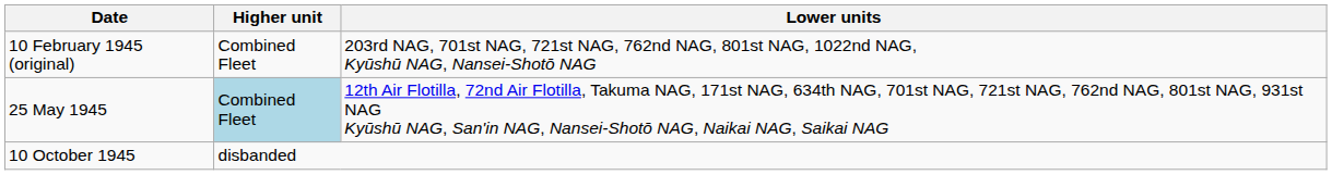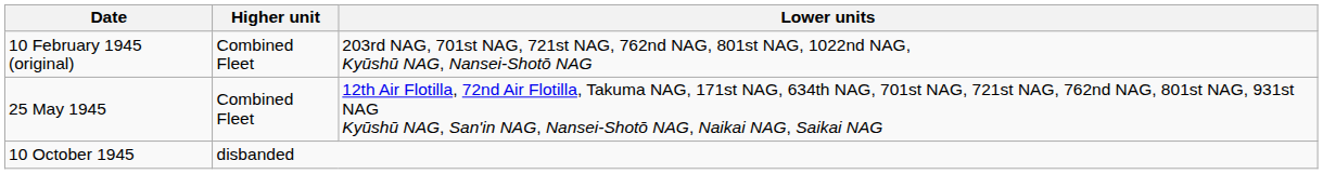 <table class="wikitable">
 <tr>
 <th>Date</th>
 <th>Higher unit</th>
 <th>Lower units</th>
 </tr>
 <tr>
 <td>10 February 1945 (original)</td>
 <td>Combined Fleet</td>
 <td>203rd NAG, 701st NAG, 721st NAG, 762nd NAG, 801st NAG, 1022nd NAG,<br><em>Kyūshū NAG</em>, <em>Nansei-Shotō NAG</em></td>
 </tr>
 <tr>
 <td>25 May 1945</td>
-<td style="background: lightblue;">Combined Fleet</td>
+<td>Combined Fleet</td>
 <td><a href='#'>12th Air Flotilla</a>, <a href='#'>72nd Air Flotilla</a>, Takuma NAG, 171st NAG, 634th NAG, 701st NAG, 721st NAG, 762nd NAG, 801st NAG, 931st NAG<br><em>Kyūshū NAG</em>, <em>San'in NAG</em>, <em>Nansei-Shotō NAG</em>, <em>Naikai NAG</em>, <em>Saikai NAG</em></td>
 </tr>
 <tr>
 <td>10 October 1945</td>
 <td colspan="3">disbanded</td>
 </tr>
 </table>
